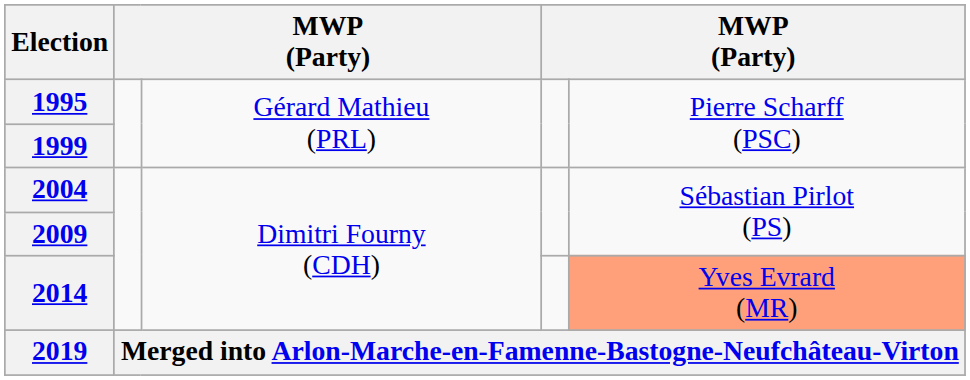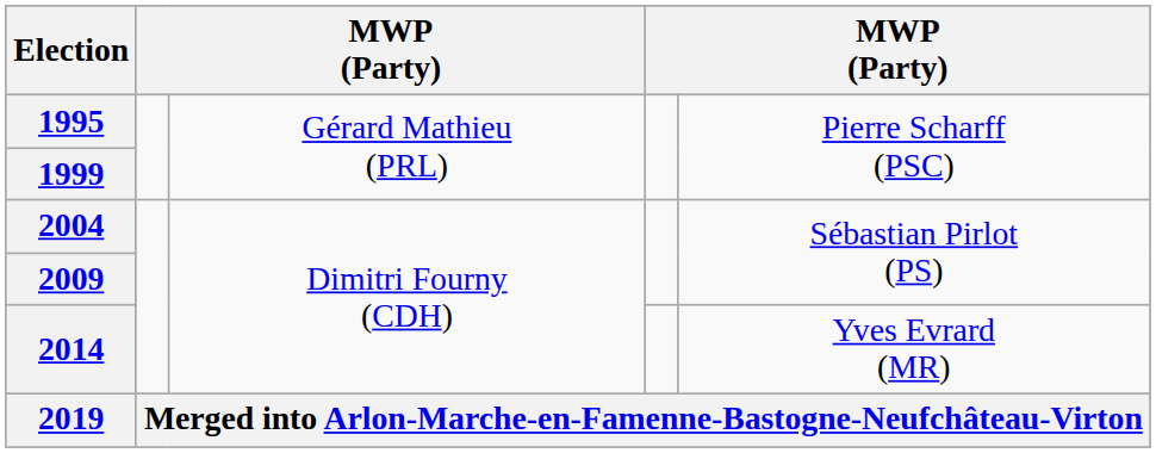 <table class="wikitable" style="text-align:center">
 <tr>
 <th>Election</th>
 <th colspan=2>MWP<br>(Party)</th>
 <th colspan=2>MWP<br>(Party)</th>
 </tr>
 <tr>
 <th><a href='#'>1995</a></th>
 <td rowspan=2; style="background-color: "></td>
 <td rowspan=2><a href='#'>Gérard Mathieu</a><br>(<a href='#'>PRL</a>)</td>
 <td rowspan=2; style="background-color: "></td>
 <td rowspan=2><a href='#'>Pierre Scharff</a><br>(<a href='#'>PSC</a>)</td>
 </tr>
 <tr>
 <th><a href='#'>1999</a></th>
 </tr>
 <tr>
 <th><a href='#'>2004</a></th>
 <td rowspan=3; style="background-color: "></td>
 <td rowspan=3><a href='#'>Dimitri Fourny</a><br>(<a href='#'>CDH</a>)</td>
 <td rowspan=2; style="background-color: "></td>
 <td rowspan=2><a href='#'>Sébastian Pirlot</a><br>(<a href='#'>PS</a>)</td>
 </tr>
 <tr>
 <th><a href='#'>2009</a></th>
 </tr>
 <tr>
 <th><a href='#'>2014</a></th>
 <td rowspan=1; style="background-color: "></td>
-<td rowspan=1 style="background: lightsalmon;"><a href='#'>Yves Evrard</a><br>(<a href='#'>MR</a>)</td>
+<td rowspan=1><a href='#'>Yves Evrard</a><br>(<a href='#'>MR</a>)</td>
 </tr>
 <tr>
 <th><a href='#'>2019</a></th>
 <th colspan=4>Merged into <a href='#'>Arlon-Marche-en-Famenne-Bastogne-Neufchâteau-Virton</a></th>
 </tr>
 </table>
